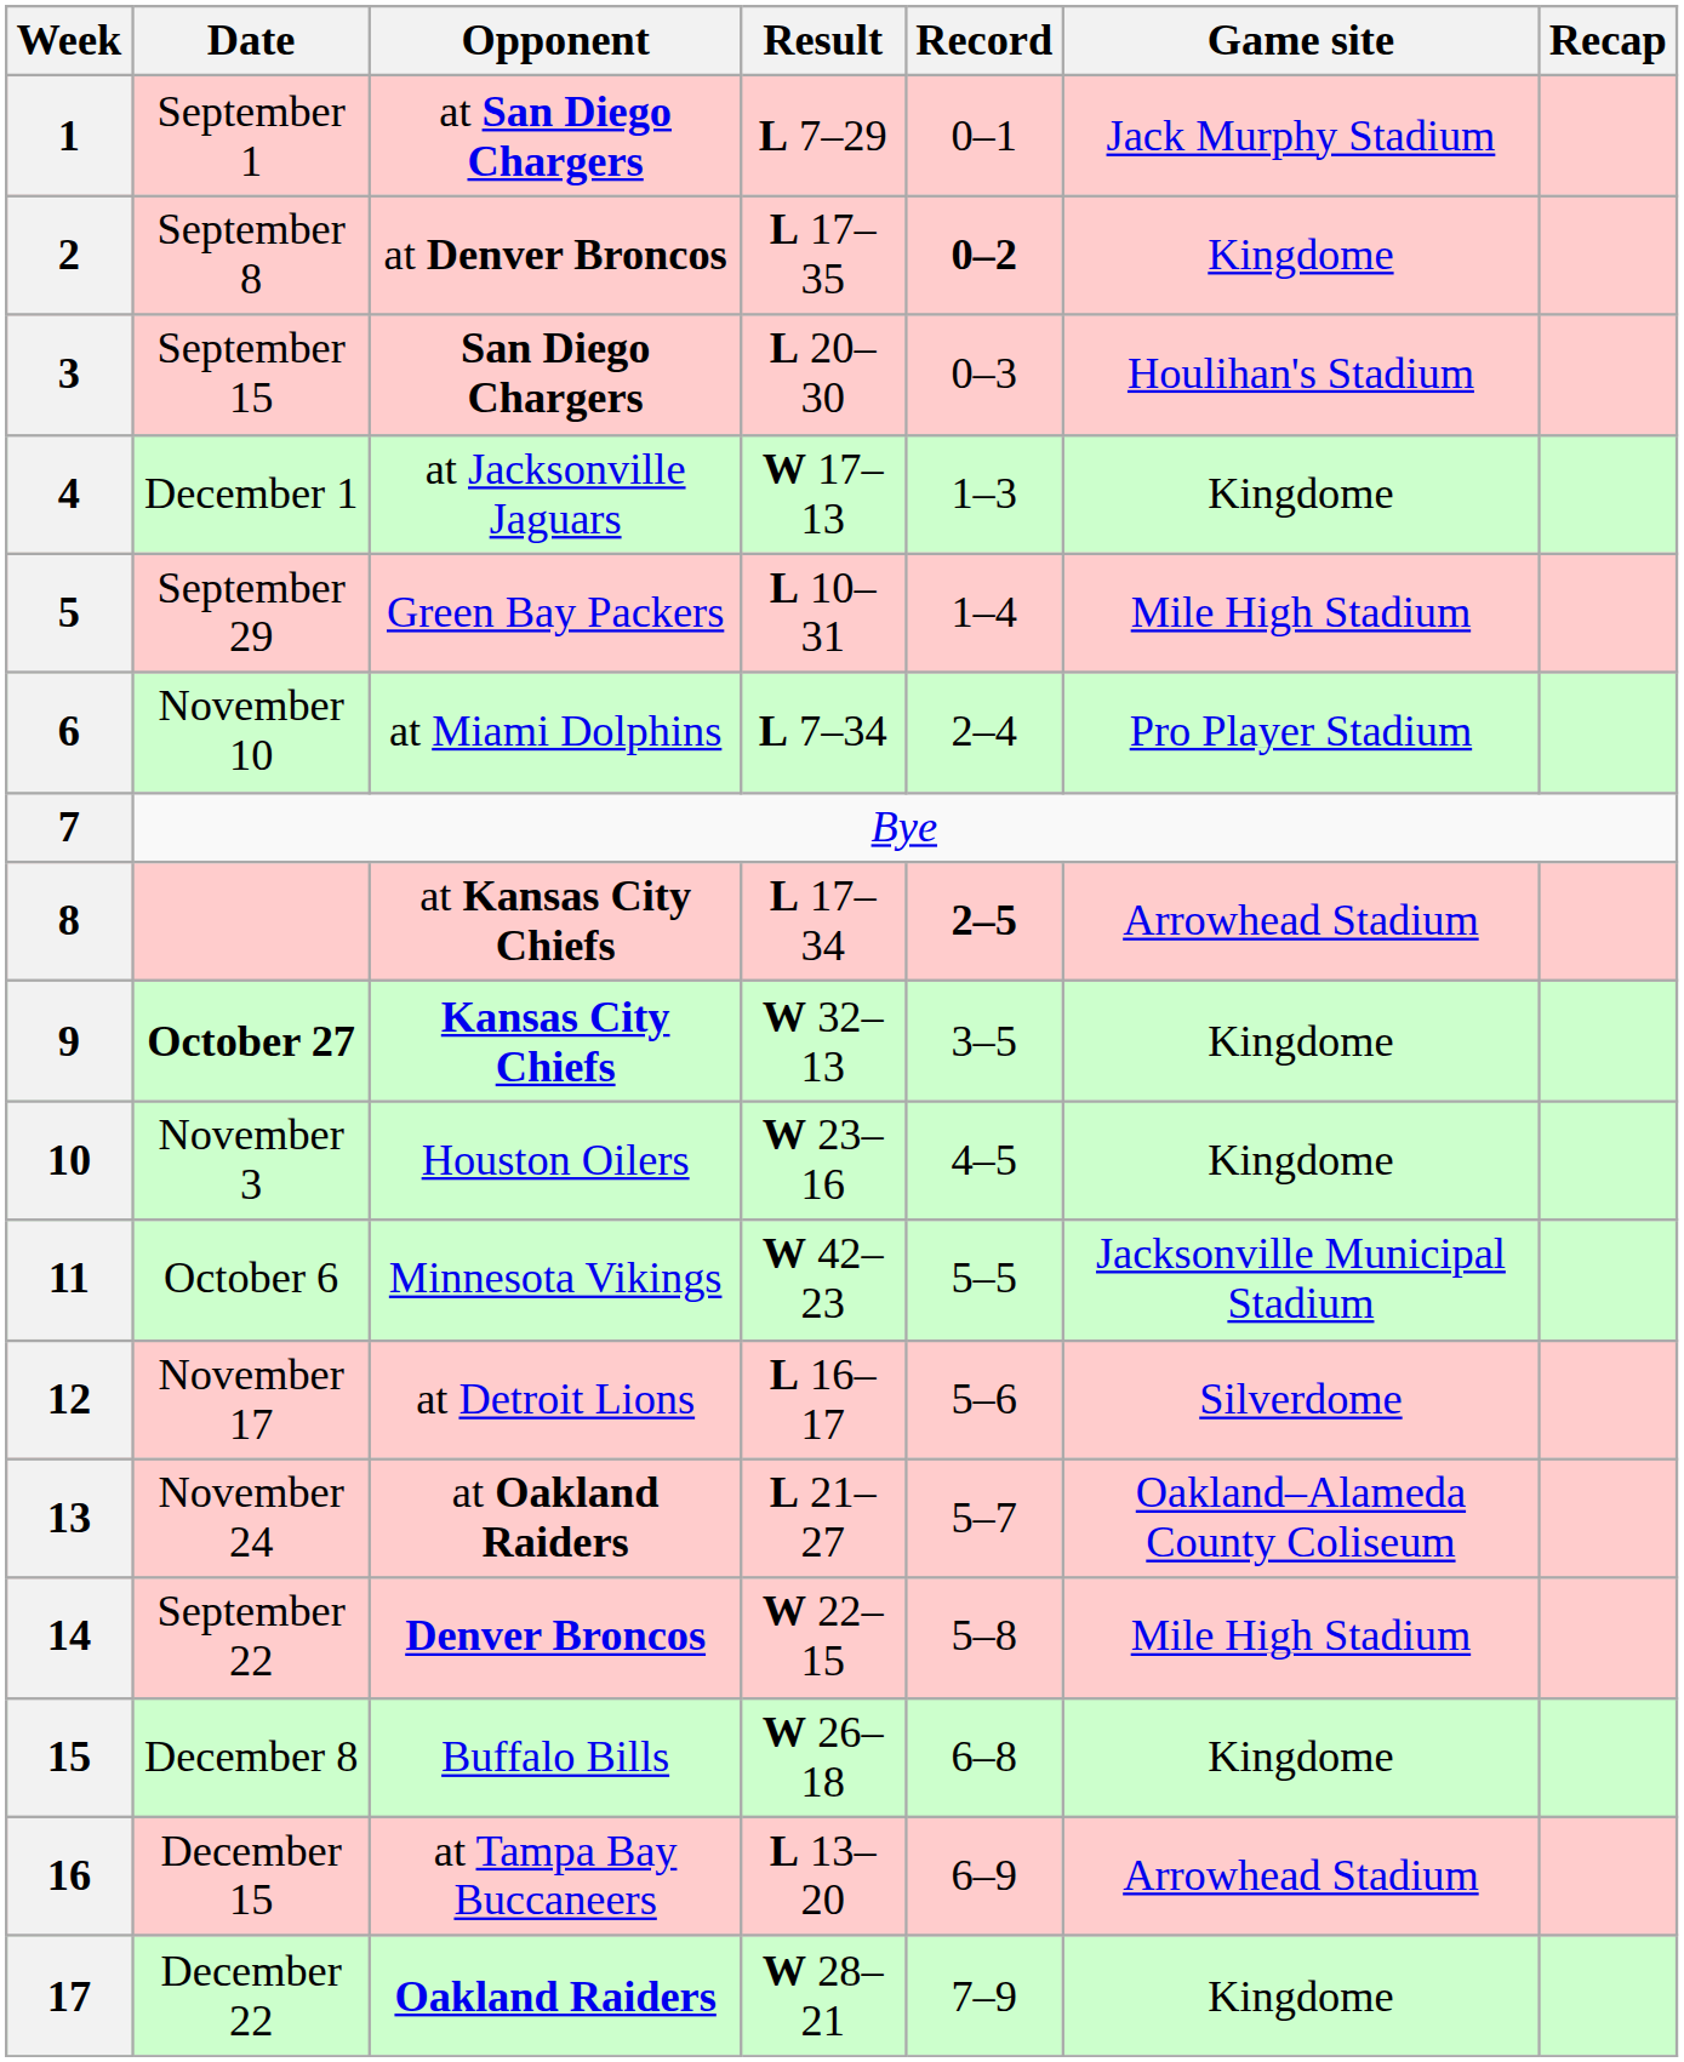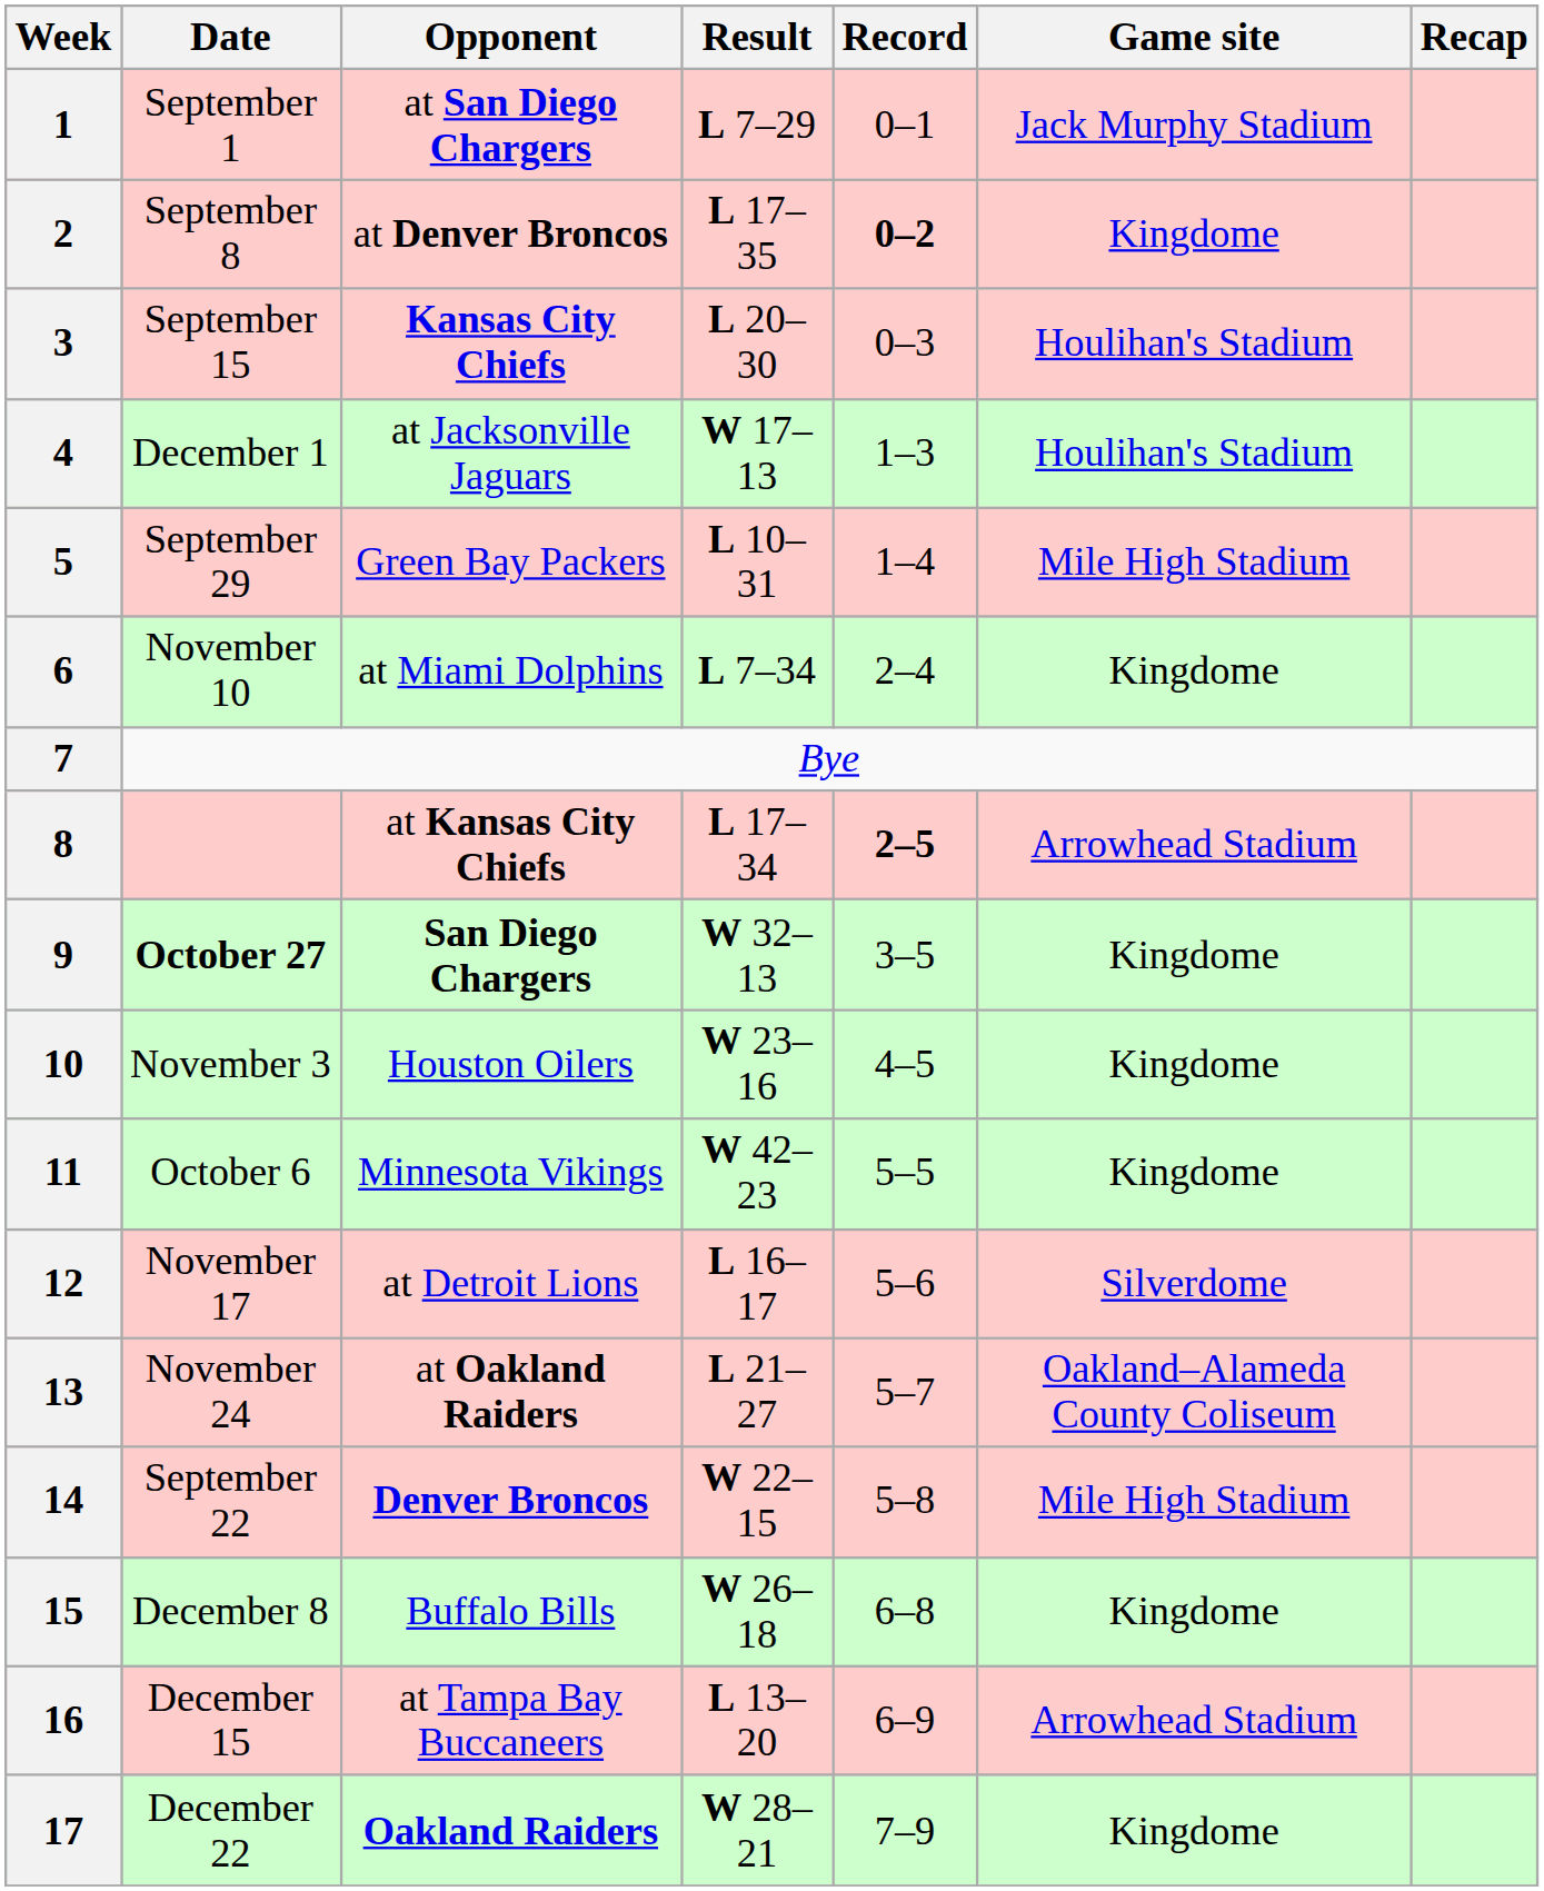 <table class="wikitable" style="text-align:center">
 <tr>
 <th>Week</th>
 <th>Date</th>
 <th>Opponent</th>
 <th>Result</th>
 <th>Record</th>
 <th>Game site</th>
 <th>Recap</th>
 </tr>
 <tr style="background:#fcc">
 <th>1</th>
 <td>September 1</td>
 <td>at <strong><a href='#'>San Diego Chargers</a></strong></td>
 <td><strong>L</strong> 7–29</td>
 <td>0–1</td>
 <td><a href='#'>Jack Murphy Stadium</a></td>
 <td></td>
 </tr>
 <tr style="background:#fcc">
 <th>2</th>
 <td>September 8</td>
 <td>at <strong>Denver Broncos</strong></td>
 <td><strong>L</strong> 17–35</td>
 <td><strong>0–2</strong></td>
 <td><a href='#'>Kingdome</a></td>
 <td></td>
 </tr>
 <tr style="background:#fcc">
 <th>3</th>
 <td>September 15</td>
-<td><strong>San Diego Chargers</strong></td>
+<td><strong><a href='#'>Kansas City Chiefs</a></strong></td>
 <td><strong>L</strong> 20–30</td>
 <td>0–3</td>
 <td><a href='#'>Houlihan's Stadium</a></td>
 <td></td>
 </tr>
 <tr style="background:#cfc">
 <th>4</th>
 <td>December 1</td>
 <td>at <a href='#'>Jacksonville Jaguars</a></td>
 <td><strong>W</strong> 17–13</td>
 <td>1–3</td>
-<td>Kingdome</td>
+<td><a href='#'>Houlihan's Stadium</a></td>
 <td></td>
 </tr>
 <tr style="background:#fcc">
 <th>5</th>
 <td>September 29</td>
 <td><a href='#'>Green Bay Packers</a></td>
 <td><strong>L</strong> 10–31</td>
 <td>1–4</td>
 <td><a href='#'>Mile High Stadium</a></td>
 <td></td>
 </tr>
 <tr style="background:#cfc">
 <th>6</th>
 <td>November 10</td>
 <td>at <a href='#'>Miami Dolphins</a></td>
 <td><strong>L</strong> 7–34</td>
 <td>2–4</td>
-<td><a href='#'>Pro Player Stadium</a></td>
+<td>Kingdome</td>
 <td></td>
 </tr>
 <tr>
 <th>7</th>
 <td colspan="6"><em><a href='#'>Bye</a></em></td>
 </tr>
 <tr style="background:#fcc">
 <th>8</th>
 <td></td>
 <td>at <strong>Kansas City Chiefs</strong></td>
 <td><strong>L</strong> 17–34</td>
 <td><strong>2–5</strong></td>
 <td><a href='#'>Arrowhead Stadium</a></td>
 <td></td>
 </tr>
 <tr style="background:#cfc">
 <th>9</th>
 <td><strong>October 27</strong></td>
-<td><strong><a href='#'>Kansas City Chiefs</a></strong></td>
+<td><strong>San Diego Chargers</strong></td>
 <td><strong>W</strong> 32–13</td>
 <td>3–5</td>
 <td>Kingdome</td>
 <td></td>
 </tr>
 <tr style="background:#cfc">
 <th>10</th>
 <td>November 3</td>
 <td><a href='#'>Houston Oilers</a></td>
 <td><strong>W</strong> 23–16</td>
 <td>4–5</td>
 <td>Kingdome</td>
 <td></td>
 </tr>
 <tr style="background:#cfc">
 <th>11</th>
 <td>October 6</td>
 <td><a href='#'>Minnesota Vikings</a></td>
 <td><strong>W</strong> 42–23</td>
 <td>5–5</td>
-<td><a href='#'>Jacksonville Municipal Stadium</a></td>
+<td>Kingdome</td>
 <td></td>
 </tr>
 <tr style="background:#fcc">
 <th>12</th>
 <td>November 17</td>
 <td>at <a href='#'>Detroit Lions</a></td>
 <td><strong>L</strong> 16–17</td>
 <td>5–6</td>
 <td><a href='#'>Silverdome</a></td>
 <td></td>
 </tr>
 <tr style="background:#fcc">
 <th>13</th>
 <td>November 24</td>
 <td>at <strong>Oakland Raiders</strong></td>
 <td><strong>L</strong> 21–27</td>
 <td>5–7</td>
 <td><a href='#'>Oakland–Alameda County Coliseum</a></td>
 <td></td>
 </tr>
 <tr style="background:#fcc">
 <th>14</th>
 <td>September 22</td>
 <td><strong><a href='#'>Denver Broncos</a></strong></td>
 <td><strong>W</strong> 22–15</td>
 <td>5–8</td>
 <td><a href='#'>Mile High Stadium</a></td>
 <td></td>
 </tr>
 <tr style="background:#cfc">
 <th>15</th>
 <td>December 8</td>
 <td><a href='#'>Buffalo Bills</a></td>
 <td><strong>W</strong> 26–18</td>
 <td>6–8</td>
 <td>Kingdome</td>
 <td></td>
 </tr>
 <tr style="background:#fcc">
 <th>16</th>
 <td>December 15</td>
 <td>at <a href='#'>Tampa Bay Buccaneers</a></td>
 <td><strong>L</strong> 13–20</td>
 <td>6–9</td>
 <td><a href='#'>Arrowhead Stadium</a></td>
 <td></td>
 </tr>
 <tr style="background:#cfc">
 <th>17</th>
 <td>December 22</td>
 <td><strong><a href='#'>Oakland Raiders</a></strong></td>
 <td><strong>W</strong> 28–21</td>
 <td>7–9</td>
 <td>Kingdome</td>
 <td></td>
 </tr>
 </table>
